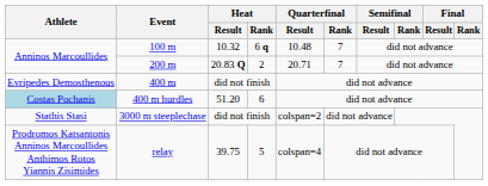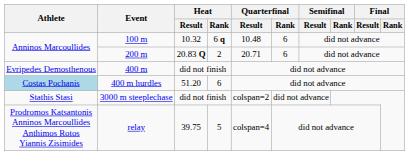 <table class="wikitable" style="font-size:90%">
 <tr>
 <th rowspan="2">Athlete</th>
 <th rowspan="2">Event</th>
 <th colspan="2">Heat</th>
 <th colspan="2">Quarterfinal</th>
 <th colspan="2">Semifinal</th>
 <th colspan="2">Final</th>
 </tr>
 <tr style="font-size:95%">
 <th>Result</th>
 <th>Rank</th>
 <th>Result</th>
 <th>Rank</th>
 <th>Result</th>
 <th>Rank</th>
 <th>Result</th>
 <th>Rank</th>
 </tr>
 <tr align=center>
 <td rowspan=2><a href='#'>Anninos Marcoullides</a></td>
 <td><a href='#'>100 m</a></td>
 <td>10.32</td>
 <td>6 <strong>q</strong></td>
 <td>10.48</td>
-<td>7</td>
+<td>6</td>
 <td colspan=4>did not advance</td>
 </tr>
 <tr align=center>
 <td><a href='#'>200 m</a></td>
 <td>20.83 <strong>Q</strong></td>
 <td>2</td>
 <td>20.71</td>
-<td>7</td>
+<td>6</td>
 <td colspan=4>did not advance</td>
 </tr>
 <tr align=center>
 <td><a href='#'>Evripedes Demosthenous</a></td>
 <td><a href='#'>400 m</a></td>
 <td colspan=2>did not finish</td>
 <td colspan=6>did not advance</td>
 </tr>
 <tr align=center>
 <td style="background: lightblue;"><a href='#'>Costas Pochanis</a></td>
 <td><a href='#'>400 m hurdles</a></td>
 <td>51.20</td>
 <td>6</td>
 <td colspan=6>did not advance</td>
 </tr>
 <tr align=center>
 <td><a href='#'>Stathis Stasi</a></td>
 <td><a href='#'>3000 m steeplechase</a></td>
 <td colspan=2>did not finish</td>
 <td>colspan=2 </td>
 <td colspan=2>did not advance</td>
 </tr>
 <tr align=center>
 <td><a href='#'>Prodromos Katsantonis</a><br><a href='#'>Anninos Marcoullides</a><br><a href='#'>Anthimos Rotos</a><br><a href='#'>Yiannis Zisimides</a></td>
 <td><a href='#'> relay</a></td>
 <td>39.75</td>
 <td>5</td>
 <td>colspan=4 </td>
 <td colspan=4>did not advance</td>
 </tr>
 </table>
